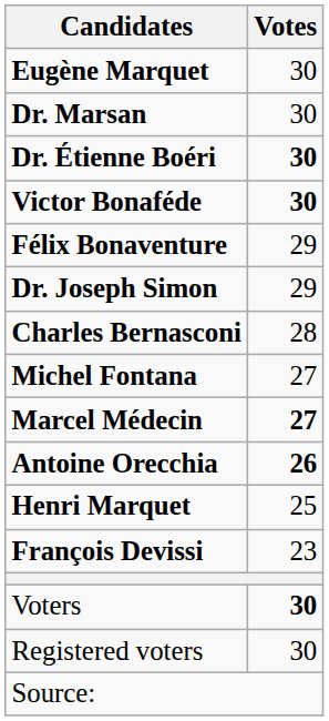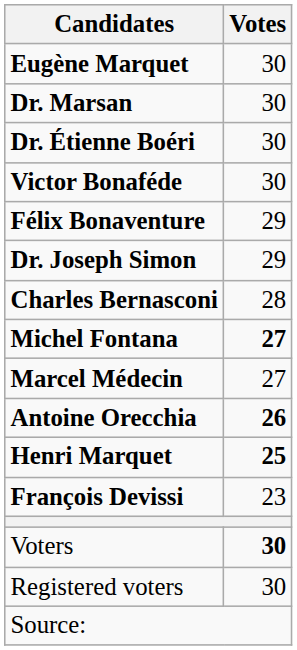 <table class="wikitable" style="text-align:right">
 <tr>
 <th>Candidates</th>
 <th>Votes</th>
 </tr>
 <tr>
 <td align="left"><strong>Eugène Marquet</strong></td>
 <td>30</td>
 </tr>
 <tr>
 <td align="left"><strong>Dr. Marsan</strong></td>
 <td>30</td>
 </tr>
 <tr>
 <td align="left"><strong>Dr. Étienne Boéri</strong></td>
-<td><strong>30</strong></td>
+<td>30</td>
 </tr>
 <tr>
 <td align="left"><strong>Victor Bonaféde</strong></td>
-<td><strong>30</strong></td>
+<td>30</td>
 </tr>
 <tr>
 <td align="left"><strong>Félix Bonaventure</strong></td>
 <td>29</td>
 </tr>
 <tr>
 <td align="left"><strong>Dr. Joseph Simon</strong></td>
 <td>29</td>
 </tr>
 <tr>
 <td align="left"><strong>Charles Bernasconi</strong></td>
 <td>28</td>
 </tr>
 <tr>
 <td align="left"><strong>Michel Fontana</strong></td>
-<td>27</td>
+<td><strong>27</strong></td>
 </tr>
 <tr>
 <td align="left"><strong>Marcel Médecin</strong></td>
-<td><strong>27</strong></td>
+<td>27</td>
 </tr>
 <tr>
 <td align="left"><strong>Antoine Orecchia</strong></td>
 <td><strong>26</strong></td>
 </tr>
 <tr>
 <td align="left"><strong>Henri Marquet</strong></td>
-<td>25</td>
+<td><strong>25</strong></td>
 </tr>
 <tr>
 <td align="left"><strong>François Devissi</strong></td>
 <td>23</td>
 </tr>
 <tr>
 <th colspan=2></th>
 </tr>
 <tr>
 <td align="left">Voters</td>
 <td><strong>30</strong></td>
 </tr>
 <tr>
 <td align="left">Registered voters</td>
 <td>30</td>
 </tr>
 <tr>
 <td colspan="4" align="left">Source:</td>
 </tr>
 </table>
